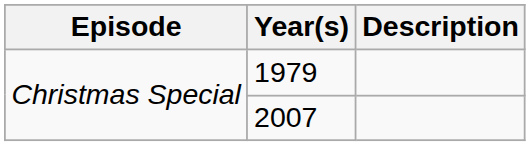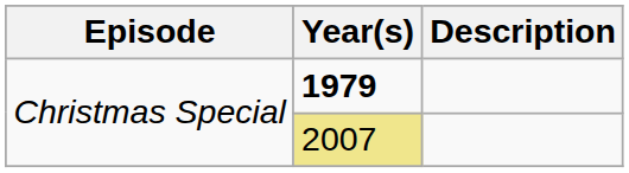 <table class="wikitable sortable">
 <tr>
 <th>Episode</th>
 <th>Year(s)</th>
 <th>Description</th>
 </tr>
 <tr>
 <td rowspan="2"><em>Christmas Special</em></td>
-<td>1979</td>
+<td><strong>1979</strong></td>
 <td></td>
 </tr>
 <tr>
-<td>2007</td>
+<td style="background: khaki;">2007</td>
 <td></td>
 </tr>
 </table>
